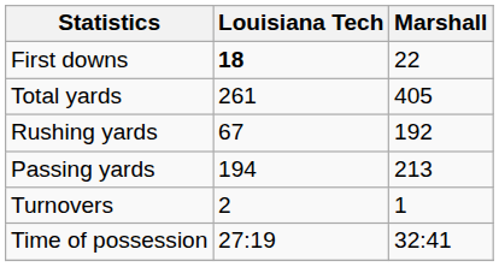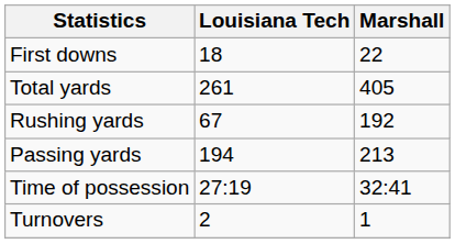 <table class="wikitable" style="float: left;">
 <tr>
 <th>Statistics</th>
 <th>Louisiana Tech</th>
 <th>Marshall</th>
 </tr>
 <tr>
 <td>First downs</td>
-<td><strong>18</strong></td>
+<td>18</td>
 <td>22</td>
 </tr>
 <tr>
 <td>Total yards</td>
 <td>261</td>
 <td>405</td>
 </tr>
 <tr>
 <td>Rushing yards</td>
 <td>67</td>
 <td>192</td>
 </tr>
 <tr>
 <td>Passing yards</td>
 <td>194</td>
 <td>213</td>
 </tr>
 <tr>
+<td>Time of possession</td>
+<td>27:19</td>
+<td>32:41</td>
+</tr>
+<tr>
 <td>Turnovers</td>
 <td>2</td>
 <td>1</td>
 </tr>
 <tr>
-<td>Time of possession</td>
-<td>27:19</td>
-<td>32:41</td>
-</tr>
-<tr>
 </tr>
 </table>
